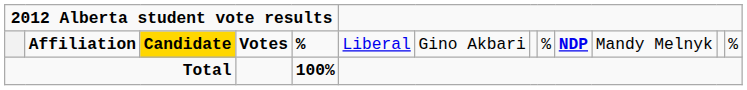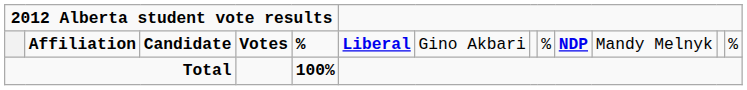 <table class="wikitable">
 <tr>
 <td colspan="5" align=center><strong>2012 Alberta student vote results</strong></td>
 </tr>
 <tr>
 <th style="width: 10px;"></th>
 <td><strong>Affiliation</strong></td>
-<td style="background: gold;"><strong>Candidate</strong></td>
+<td><strong>Candidate</strong></td>
 <td><strong>Votes</strong></td>
 <td><strong>%</strong><br>  </td>
-<td><a href='#'>Liberal</a></td>
+<td><strong><a href='#'>Liberal</a></strong></td>
 <td>Gino Akbari</td>
 <td></td>
 <td>%<br></td>
 <td><strong><a href='#'>NDP</a></strong></td>
 <td>Mandy Melnyk</td>
 <td></td>
 <td>%</td>
 </tr>
 <tr>
 <td colspan="3" align="right"><strong>Total</strong></td>
 <td></td>
 <td><strong>100%</strong></td>
 </tr>
 </table>
